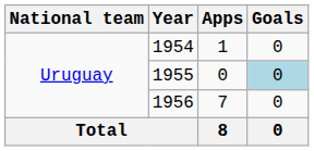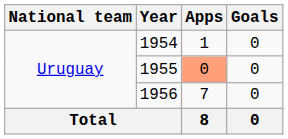 <table class="wikitable" style="text-align:center">
 <tr>
 <th>National team</th>
 <th>Year</th>
 <th>Apps</th>
 <th>Goals</th>
 </tr>
 <tr>
 <td rowspan=3><a href='#'>Uruguay</a></td>
 <td>1954</td>
 <td>1</td>
 <td>0</td>
 </tr>
 <tr>
 <td>1955</td>
+<td style="background: lightsalmon;">0</td>
 <td>0</td>
-<td style="background: lightblue;">0</td>
 </tr>
 <tr>
 <td>1956</td>
 <td>7</td>
 <td>0</td>
 </tr>
 <tr>
 <th colspan=2>Total</th>
 <th>8</th>
 <th>0</th>
 </tr>
 </table>
